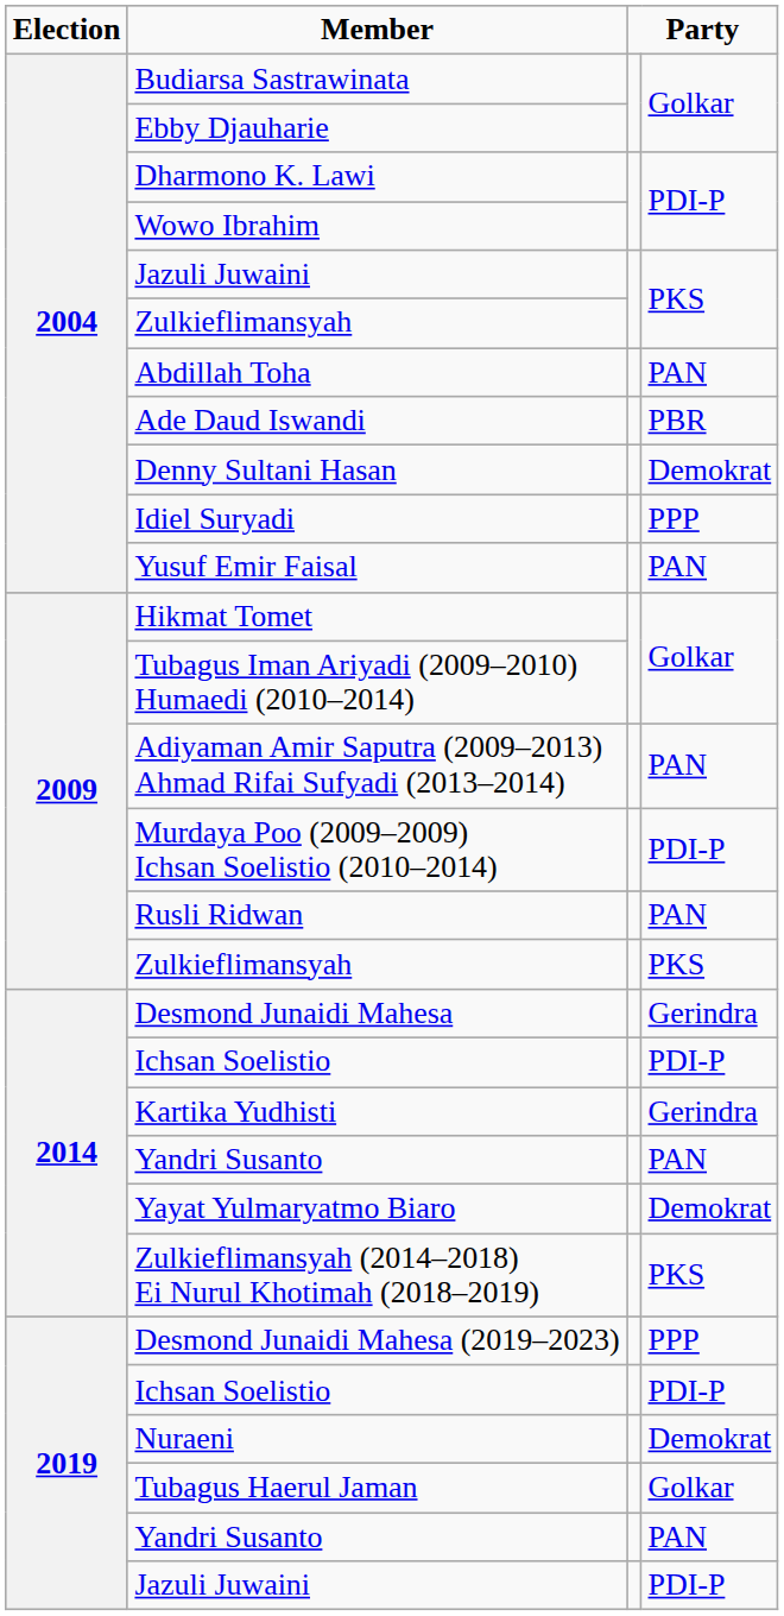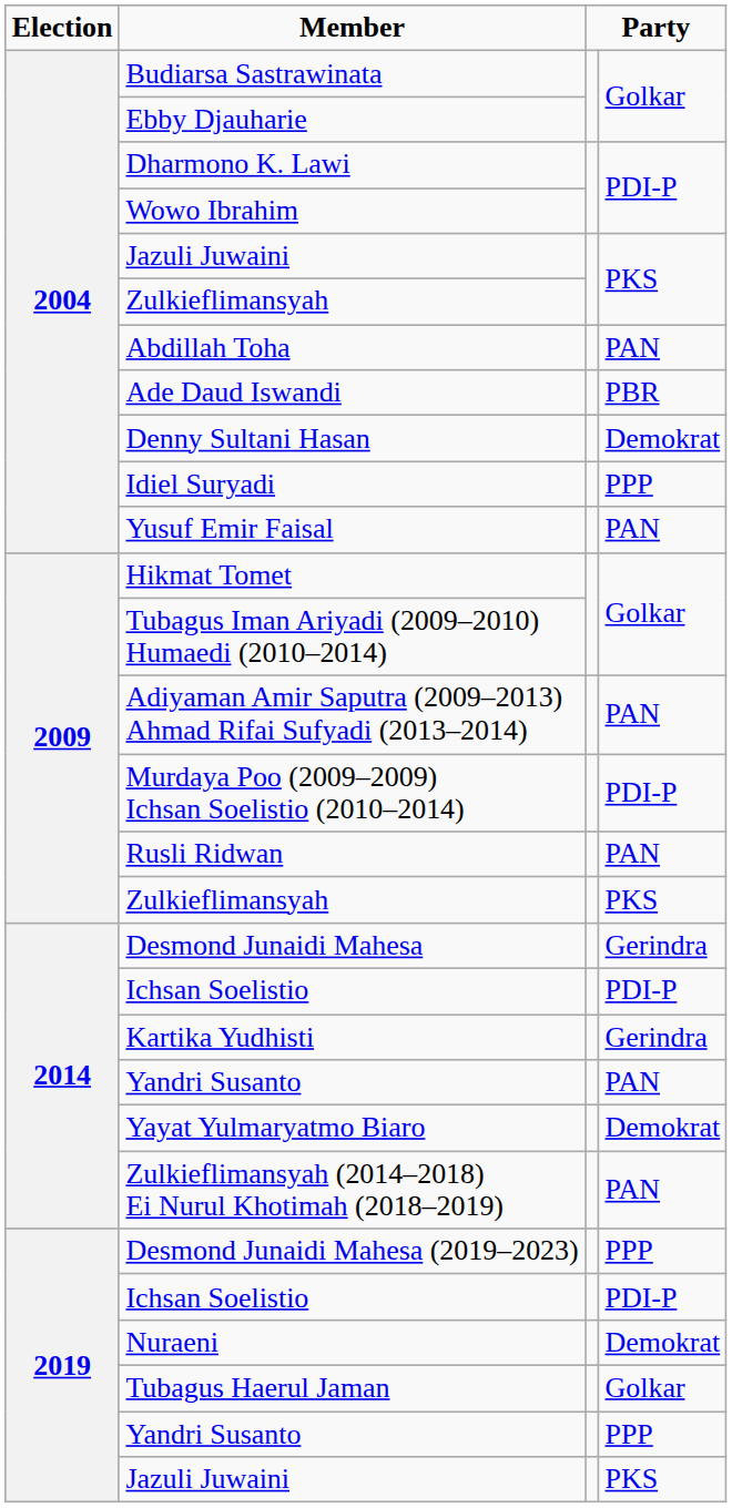 <table class="wikitable" align="center">
 <tr>
 <td align="center"><strong>Election</strong></td>
 <td align="center"><strong>Member</strong></td>
 <td colspan="2" align="center"><strong>Party</strong></td>
 </tr>
 <tr>
 <th rowspan="11"><a href='#'>2004</a></th>
 <td><a href='#'>Budiarsa Sastrawinata</a></td>
 <td rowspan="2" style="background-color: "></td>
 <td rowspan="2"><a href='#'>Golkar</a></td>
 </tr>
 <tr>
 <td><a href='#'>Ebby Djauharie</a></td>
 </tr>
 <tr>
 <td><a href='#'>Dharmono K. Lawi</a></td>
 <td rowspan="2" style="background-color: "></td>
 <td rowspan="2"><a href='#'>PDI-P</a></td>
 </tr>
 <tr>
 <td><a href='#'>Wowo Ibrahim</a></td>
 </tr>
 <tr>
 <td><a href='#'>Jazuli Juwaini</a></td>
 <td rowspan="2" style="background-color: "></td>
 <td rowspan="2"><a href='#'>PKS</a></td>
 </tr>
 <tr>
 <td><a href='#'>Zulkieflimansyah</a></td>
 </tr>
 <tr>
 <td><a href='#'>Abdillah Toha</a></td>
 <td style="background-color: "></td>
 <td><a href='#'>PAN</a></td>
 </tr>
 <tr>
 <td><a href='#'>Ade Daud Iswandi</a></td>
 <td style="background-color: "></td>
 <td><a href='#'>PBR</a></td>
 </tr>
 <tr>
 <td><a href='#'>Denny Sultani Hasan</a></td>
 <td style="background-color: "></td>
 <td><a href='#'>Demokrat</a></td>
 </tr>
 <tr>
 <td><a href='#'>Idiel Suryadi</a></td>
 <td style="background-color: "></td>
 <td><a href='#'>PPP</a></td>
 </tr>
 <tr>
 <td><a href='#'>Yusuf Emir Faisal</a></td>
 <td style="background-color: "></td>
 <td><a href='#'>PAN</a></td>
 </tr>
 <tr>
 <th rowspan="6"><a href='#'>2009</a></th>
 <td><a href='#'>Hikmat Tomet</a></td>
 <td rowspan="2" style="background-color: "></td>
 <td rowspan="2"><a href='#'>Golkar</a></td>
 </tr>
 <tr>
 <td><a href='#'>Tubagus Iman Ariyadi</a> (2009–2010)<br><a href='#'>Humaedi</a> (2010–2014)</td>
 </tr>
 <tr>
 <td><a href='#'>Adiyaman Amir Saputra</a> (2009–2013)<br><a href='#'>Ahmad Rifai Sufyadi</a> (2013–2014)</td>
 <td style="background-color: "></td>
 <td><a href='#'>PAN</a></td>
 </tr>
 <tr>
 <td><a href='#'>Murdaya Poo</a> (2009–2009)<br><a href='#'>Ichsan Soelistio</a> (2010–2014)</td>
 <td style="background-color: "></td>
 <td><a href='#'>PDI-P</a></td>
 </tr>
 <tr>
 <td><a href='#'>Rusli Ridwan</a></td>
 <td style="background-color: "></td>
 <td><a href='#'>PAN</a></td>
 </tr>
 <tr>
 <td><a href='#'>Zulkieflimansyah</a></td>
 <td style="background-color: "></td>
 <td><a href='#'>PKS</a></td>
 </tr>
 <tr>
 <th rowspan="6"><a href='#'>2014</a></th>
 <td><a href='#'>Desmond Junaidi Mahesa</a></td>
 <td style="background-color: "></td>
 <td><a href='#'>Gerindra</a></td>
 </tr>
 <tr>
 <td><a href='#'>Ichsan Soelistio</a></td>
 <td style="background-color: "></td>
 <td><a href='#'>PDI-P</a></td>
 </tr>
 <tr>
 <td><a href='#'>Kartika Yudhisti</a></td>
 <td style="background-color: "></td>
 <td><a href='#'>Gerindra</a></td>
 </tr>
 <tr>
 <td><a href='#'>Yandri Susanto</a></td>
 <td style="background-color: "></td>
 <td><a href='#'>PAN</a></td>
 </tr>
 <tr>
 <td><a href='#'>Yayat Yulmaryatmo Biaro</a></td>
 <td style="background-color: "></td>
 <td><a href='#'>Demokrat</a></td>
 </tr>
 <tr>
 <td><a href='#'>Zulkieflimansyah</a> (2014–2018)<br><a href='#'>Ei Nurul Khotimah</a> (2018–2019)</td>
 <td style="background-color: "></td>
-<td><a href='#'>PKS</a></td>
+<td><a href='#'>PAN</a></td>
 </tr>
 <tr>
 <th rowspan="6"><a href='#'>2019</a></th>
 <td><a href='#'>Desmond Junaidi Mahesa</a> (2019–2023)</td>
 <td style="background-color: "></td>
 <td><a href='#'>PPP</a></td>
 </tr>
 <tr>
 <td><a href='#'>Ichsan Soelistio</a></td>
 <td style="background-color: "></td>
 <td><a href='#'>PDI-P</a></td>
 </tr>
 <tr>
 <td><a href='#'>Nuraeni</a></td>
 <td style="background-color: "></td>
 <td><a href='#'>Demokrat</a></td>
 </tr>
 <tr>
 <td><a href='#'>Tubagus Haerul Jaman</a></td>
 <td style="background-color: "></td>
 <td><a href='#'>Golkar</a></td>
 </tr>
 <tr>
 <td><a href='#'>Yandri Susanto</a></td>
 <td style="background-color: "></td>
-<td><a href='#'>PAN</a></td>
+<td><a href='#'>PPP</a></td>
 </tr>
 <tr>
 <td><a href='#'>Jazuli Juwaini</a></td>
 <td style="background-color: "></td>
-<td><a href='#'>PDI-P</a></td>
+<td><a href='#'>PKS</a></td>
 </tr>
 </table>
